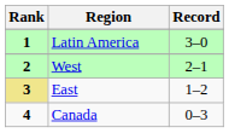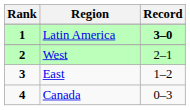 <table class="wikitable">
 <tr>
 <th>Rank</th>
 <th>Region</th>
 <th>Record</th>
 </tr>
 <tr>
 </tr>
 <tr bgcolor=#bbffbb>
 <td align=center><strong>1</strong></td>
 <td align="left" width="120"> <a href='#'>Latin America</a></td>
-<td align=center>3–0</td>
+<td align=center><strong>3–0</strong></td>
 </tr>
 <tr>
 </tr>
 <tr bgcolor=#bbffbb>
 <td align=center><strong>2</strong></td>
 <td align="left" width="120"> <a href='#'>West</a></td>
 <td align=center>2–1</td>
 </tr>
 <tr>
-<td align=center style="background: khaki;"><strong>3</strong></td>
+<td align=center><strong>3</strong></td>
 <td align="left" width="120"> <a href='#'>East</a></td>
 <td align=center>1–2</td>
 </tr>
 <tr>
 <td align=center><strong>4</strong></td>
 <td align="left" width="120"> <a href='#'>Canada</a></td>
 <td align=center>0–3</td>
 </tr>
 </table>
